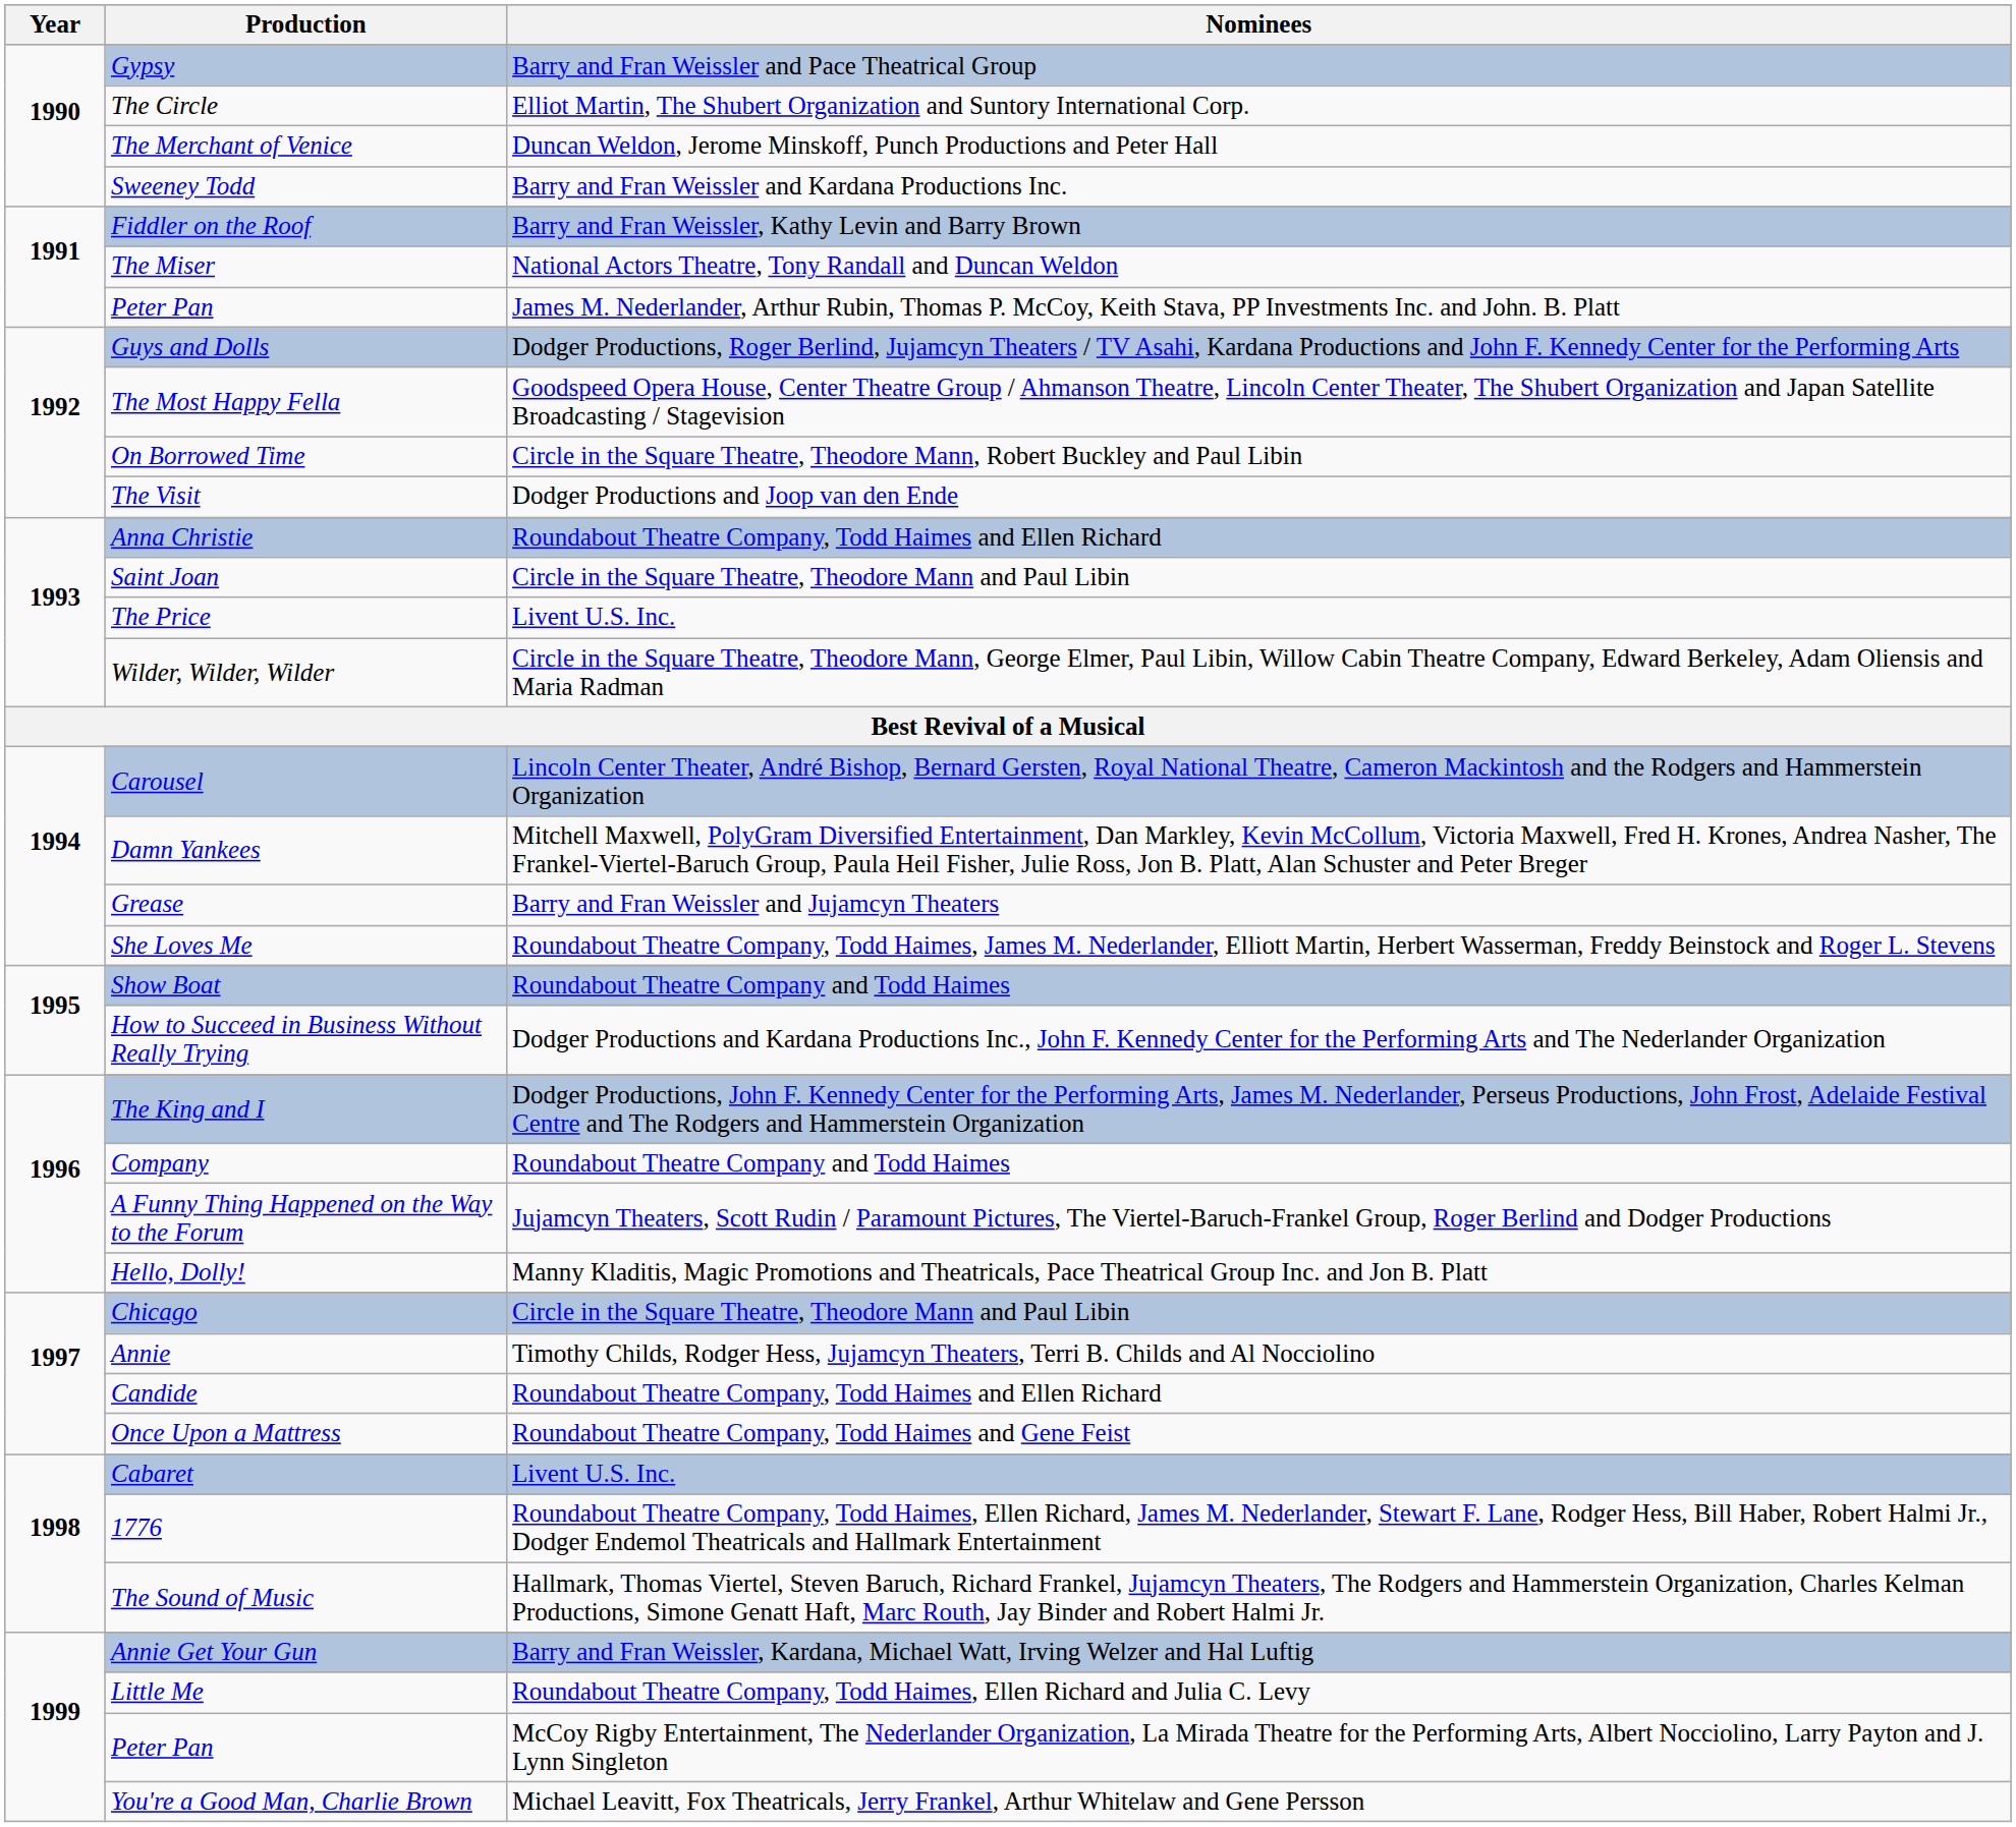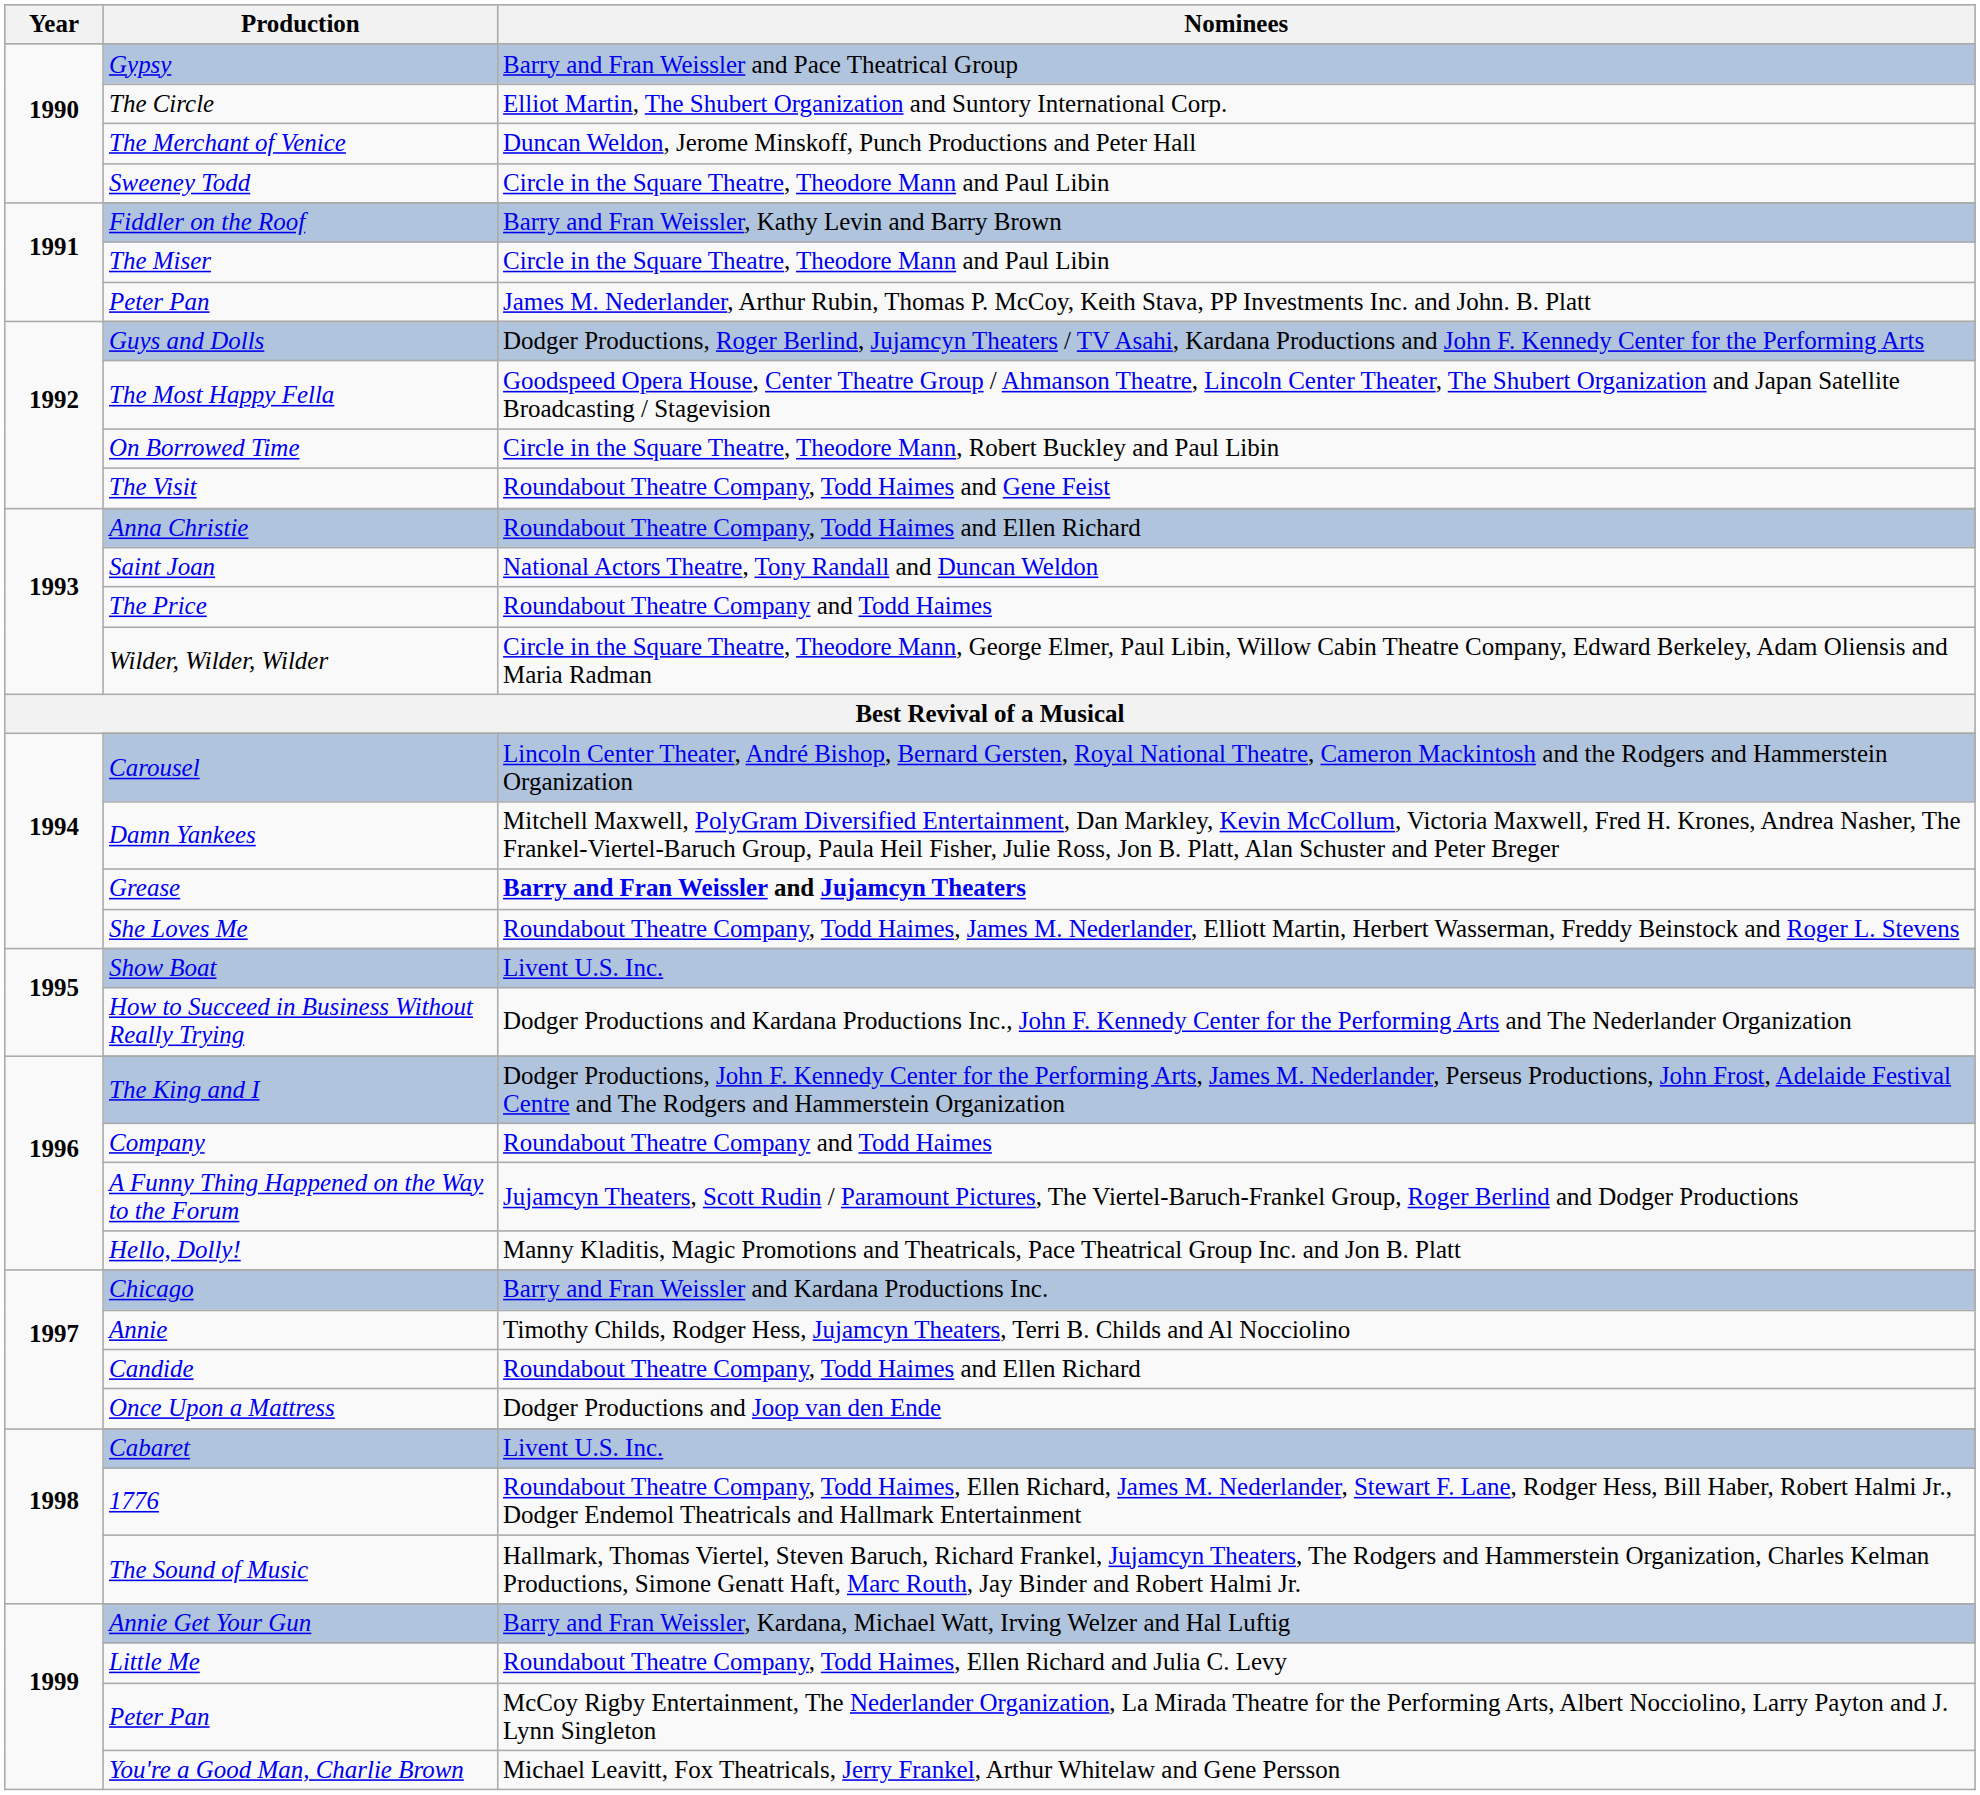 <table class="wikitable" style="width:100%;">
 <tr style="background:#bebebe;">
 <th style="width:5%;">Year</th>
 <th style="width:20%;">Production</th>
 <th style="width:75%;">Nominees</th>
 </tr>
 <tr>
 <td rowspan="5" align="center"><strong>1990</strong><br><br></td>
 </tr>
 <tr style="background:#B0C4DE">
 <td><em><a href='#'>Gypsy</a></em></td>
 <td><a href='#'>Barry and Fran Weissler</a> and Pace Theatrical Group</td>
 </tr>
 <tr>
 <td><em>The Circle</em></td>
 <td><a href='#'>Elliot Martin</a>, <a href='#'>The Shubert Organization</a> and Suntory International Corp.</td>
 </tr>
 <tr>
 <td><em><a href='#'>The Merchant of Venice</a></em></td>
 <td><a href='#'>Duncan Weldon</a>, Jerome Minskoff, Punch Productions and Peter Hall</td>
 </tr>
 <tr>
 <td><em><a href='#'>Sweeney Todd</a></em></td>
-<td><a href='#'>Barry and Fran Weissler</a> and Kardana Productions Inc.</td>
+<td><a href='#'>Circle in the Square Theatre</a>, <a href='#'>Theodore Mann</a> and Paul Libin</td>
 </tr>
 <tr>
 <td rowspan="4" align="center"><strong>1991</strong><br><br></td>
 </tr>
 <tr style="background:#B0C4DE">
 <td><em><a href='#'>Fiddler on the Roof</a></em></td>
 <td><a href='#'>Barry and Fran Weissler</a>, Kathy Levin and Barry Brown</td>
 </tr>
 <tr>
 <td><em><a href='#'>The Miser</a></em></td>
-<td><a href='#'>National Actors Theatre</a>, <a href='#'>Tony Randall</a> and <a href='#'>Duncan Weldon</a></td>
+<td><a href='#'>Circle in the Square Theatre</a>, <a href='#'>Theodore Mann</a> and Paul Libin</td>
 </tr>
 <tr>
 <td><em><a href='#'>Peter Pan</a></em></td>
 <td><a href='#'>James M. Nederlander</a>, Arthur Rubin, Thomas P. McCoy, Keith Stava, PP Investments Inc. and John. B. Platt</td>
 </tr>
 <tr>
 <td rowspan="5" align="center"><strong>1992</strong><br><br></td>
 </tr>
 <tr style="background:#B0C4DE">
 <td><em><a href='#'>Guys and Dolls</a></em></td>
 <td>Dodger Productions, <a href='#'>Roger Berlind</a>, <a href='#'>Jujamcyn Theaters</a> / <a href='#'>TV Asahi</a>, Kardana Productions and <a href='#'>John F. Kennedy Center for the Performing Arts</a></td>
 </tr>
 <tr>
 <td><em><a href='#'>The Most Happy Fella</a></em></td>
 <td><a href='#'>Goodspeed Opera House</a>, <a href='#'>Center Theatre Group</a> / <a href='#'>Ahmanson Theatre</a>, <a href='#'>Lincoln Center Theater</a>, <a href='#'>The Shubert Organization</a> and Japan Satellite Broadcasting / Stagevision</td>
 </tr>
 <tr>
 <td><em><a href='#'>On Borrowed Time</a></em></td>
 <td><a href='#'>Circle in the Square Theatre</a>, <a href='#'>Theodore Mann</a>, Robert Buckley and Paul Libin</td>
 </tr>
 <tr>
 <td><em><a href='#'>The Visit</a></em></td>
-<td>Dodger Productions and <a href='#'>Joop van den Ende</a></td>
+<td><a href='#'>Roundabout Theatre Company</a>, <a href='#'>Todd Haimes</a> and <a href='#'>Gene Feist</a></td>
 </tr>
 <tr>
 <td rowspan="5" align="center"><strong>1993</strong><br><br></td>
 </tr>
 <tr style="background:#B0C4DE">
 <td><em><a href='#'>Anna Christie</a></em></td>
 <td><a href='#'>Roundabout Theatre Company</a>, <a href='#'>Todd Haimes</a> and Ellen Richard</td>
 </tr>
 <tr>
 <td><em><a href='#'>Saint Joan</a></em></td>
-<td><a href='#'>Circle in the Square Theatre</a>, <a href='#'>Theodore Mann</a> and Paul Libin</td>
+<td><a href='#'>National Actors Theatre</a>, <a href='#'>Tony Randall</a> and <a href='#'>Duncan Weldon</a></td>
 </tr>
 <tr>
 <td><em><a href='#'>The Price</a></em></td>
-<td><a href='#'>Livent U.S. Inc.</a></td>
+<td><a href='#'>Roundabout Theatre Company</a> and <a href='#'>Todd Haimes</a></td>
 </tr>
 <tr>
 <td><em>Wilder, Wilder, Wilder</em></td>
 <td><a href='#'>Circle in the Square Theatre</a>, <a href='#'>Theodore Mann</a>, George Elmer, Paul Libin, Willow Cabin Theatre Company, Edward Berkeley, Adam Oliensis and Maria Radman</td>
 </tr>
 <tr>
 <th colspan="5">Best Revival of a Musical</th>
 </tr>
 <tr>
 <td rowspan="5" align="center"><strong>1994</strong><br><br></td>
 </tr>
 <tr style="background:#B0C4DE">
 <td><em><a href='#'>Carousel</a></em></td>
 <td><a href='#'>Lincoln Center Theater</a>, <a href='#'>André Bishop</a>, <a href='#'>Bernard Gersten</a>, <a href='#'>Royal National Theatre</a>, <a href='#'>Cameron Mackintosh</a> and the Rodgers and Hammerstein Organization</td>
 </tr>
 <tr>
 <td><em><a href='#'>Damn Yankees</a></em></td>
 <td>Mitchell Maxwell, <a href='#'>PolyGram Diversified Entertainment</a>, Dan Markley, <a href='#'>Kevin McCollum</a>, Victoria Maxwell, Fred H. Krones, Andrea Nasher, The Frankel-Viertel-Baruch Group, Paula Heil Fisher, Julie Ross, Jon B. Platt, Alan Schuster and Peter Breger</td>
 </tr>
 <tr>
 <td><em><a href='#'>Grease</a></em></td>
-<td><a href='#'>Barry and Fran Weissler</a> and <a href='#'>Jujamcyn Theaters</a></td>
+<td><strong><a href='#'>Barry and Fran Weissler</a> and <a href='#'>Jujamcyn Theaters</a></strong></td>
 </tr>
 <tr>
 <td><em><a href='#'>She Loves Me</a></em></td>
 <td><a href='#'>Roundabout Theatre Company</a>, <a href='#'>Todd Haimes</a>, <a href='#'>James M. Nederlander</a>, Elliott Martin, Herbert Wasserman, Freddy Beinstock and <a href='#'>Roger L. Stevens</a></td>
 </tr>
 <tr>
 <td rowspan="3" align="center"><strong>1995</strong><br><br></td>
 </tr>
 <tr style="background:#B0C4DE">
 <td><em><a href='#'>Show Boat</a></em></td>
-<td><a href='#'>Roundabout Theatre Company</a> and <a href='#'>Todd Haimes</a></td>
+<td><a href='#'>Livent U.S. Inc.</a></td>
 </tr>
 <tr>
 <td><em><a href='#'>How to Succeed in Business Without Really Trying</a></em></td>
 <td>Dodger Productions and Kardana Productions Inc., <a href='#'>John F. Kennedy Center for the Performing Arts</a> and The Nederlander Organization</td>
 </tr>
 <tr>
 <td rowspan="5" align="center"><strong>1996</strong><br><br></td>
 </tr>
 <tr style="background:#B0C4DE">
 <td><em><a href='#'>The King and I</a></em></td>
 <td>Dodger Productions, <a href='#'>John F. Kennedy Center for the Performing Arts</a>, <a href='#'>James M. Nederlander</a>, Perseus Productions, <a href='#'>John Frost</a>, <a href='#'>Adelaide Festival Centre</a> and The Rodgers and Hammerstein Organization</td>
 </tr>
 <tr>
 <td><em><a href='#'>Company</a></em></td>
 <td><a href='#'>Roundabout Theatre Company</a> and <a href='#'>Todd Haimes</a></td>
 </tr>
 <tr>
 <td><em><a href='#'>A Funny Thing Happened on the Way to the Forum</a></em></td>
 <td><a href='#'>Jujamcyn Theaters</a>, <a href='#'>Scott Rudin</a> / <a href='#'>Paramount Pictures</a>, The Viertel-Baruch-Frankel Group, <a href='#'>Roger Berlind</a> and Dodger Productions</td>
 </tr>
 <tr>
 <td><em><a href='#'>Hello, Dolly!</a></em></td>
 <td>Manny Kladitis, Magic Promotions and Theatricals, Pace Theatrical Group Inc. and Jon B. Platt</td>
 </tr>
 <tr>
 <td rowspan="5" align="center"><strong>1997</strong><br><br></td>
 </tr>
 <tr style="background:#B0C4DE">
 <td><em><a href='#'>Chicago</a></em></td>
-<td><a href='#'>Circle in the Square Theatre</a>, <a href='#'>Theodore Mann</a> and Paul Libin</td>
+<td><a href='#'>Barry and Fran Weissler</a> and Kardana Productions Inc.</td>
 </tr>
 <tr>
 <td><em><a href='#'>Annie</a></em></td>
 <td>Timothy Childs, Rodger Hess, <a href='#'>Jujamcyn Theaters</a>, Terri B. Childs and Al Nocciolino</td>
 </tr>
 <tr>
 <td><em><a href='#'>Candide</a></em></td>
 <td><a href='#'>Roundabout Theatre Company</a>, <a href='#'>Todd Haimes</a> and Ellen Richard</td>
 </tr>
 <tr>
 <td><em><a href='#'>Once Upon a Mattress</a></em></td>
-<td><a href='#'>Roundabout Theatre Company</a>, <a href='#'>Todd Haimes</a> and <a href='#'>Gene Feist</a></td>
+<td>Dodger Productions and <a href='#'>Joop van den Ende</a></td>
 </tr>
 <tr>
 <td rowspan="4" align="center"><strong>1998</strong><br><br></td>
 </tr>
 <tr style="background:#B0C4DE">
 <td><em><a href='#'>Cabaret</a></em></td>
 <td><a href='#'>Livent U.S. Inc.</a></td>
 </tr>
 <tr>
 <td><em><a href='#'>1776</a></em></td>
 <td><a href='#'>Roundabout Theatre Company</a>, <a href='#'>Todd Haimes</a>, Ellen Richard, <a href='#'>James M. Nederlander</a>, <a href='#'>Stewart F. Lane</a>, Rodger Hess, Bill Haber, Robert Halmi Jr., Dodger Endemol Theatricals and Hallmark Entertainment</td>
 </tr>
 <tr>
 <td><em><a href='#'>The Sound of Music</a></em></td>
 <td>Hallmark, Thomas Viertel, Steven Baruch, Richard Frankel, <a href='#'>Jujamcyn Theaters</a>, The Rodgers and Hammerstein Organization, Charles Kelman Productions, Simone Genatt Haft, <a href='#'>Marc Routh</a>, Jay Binder and Robert Halmi Jr.</td>
 </tr>
 <tr>
 <td rowspan="5" align="center"><strong>1999</strong><br><br></td>
 </tr>
 <tr style="background:#B0C4DE">
 <td><em><a href='#'>Annie Get Your Gun</a></em></td>
 <td><a href='#'>Barry and Fran Weissler</a>, Kardana, Michael Watt, Irving Welzer and Hal Luftig</td>
 </tr>
 <tr>
 <td><em><a href='#'>Little Me</a></em></td>
 <td><a href='#'>Roundabout Theatre Company</a>, <a href='#'>Todd Haimes</a>, Ellen Richard and Julia C. Levy</td>
 </tr>
 <tr>
 <td><em><a href='#'>Peter Pan</a></em></td>
 <td>McCoy Rigby Entertainment, The <a href='#'>Nederlander Organization</a>, La Mirada Theatre for the Performing Arts, Albert Nocciolino, Larry Payton and J. Lynn Singleton</td>
 </tr>
 <tr>
 <td><em><a href='#'>You're a Good Man, Charlie Brown</a></em></td>
 <td>Michael Leavitt, Fox Theatricals, <a href='#'>Jerry Frankel</a>, Arthur Whitelaw and Gene Persson</td>
 </tr>
 </table>
